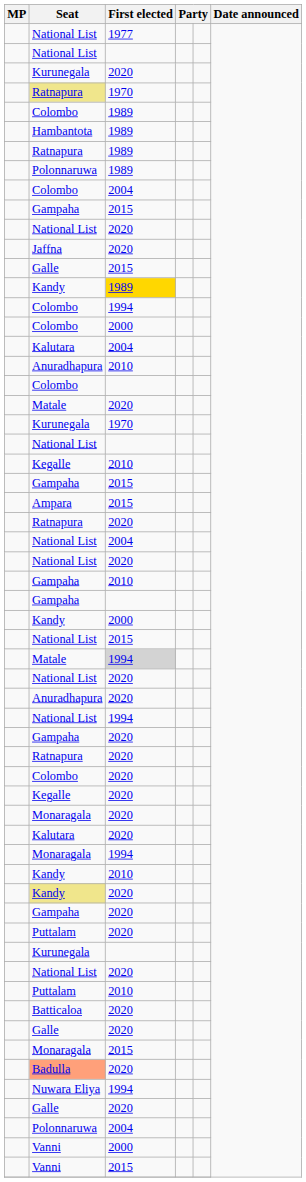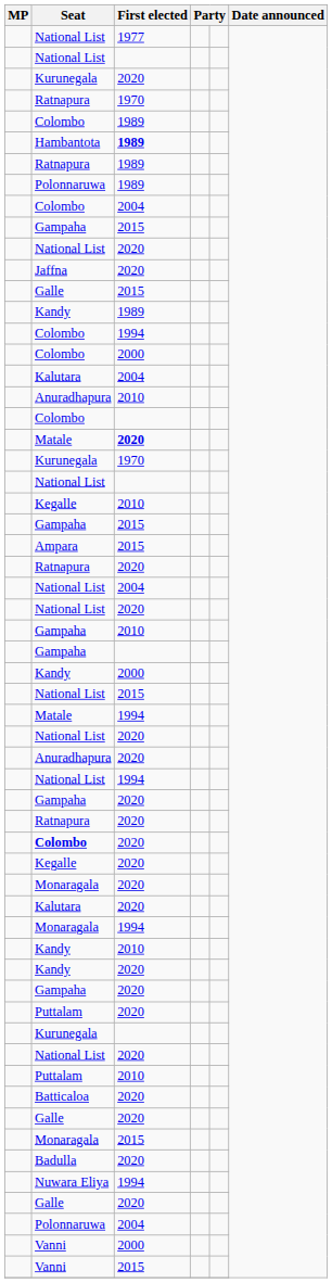 <table class="wikitable sortable collapsible collapsed" style="font-size:100%; text=center;">
 <tr>
 <th scope="col">MP</th>
 <th scope="col">Seat</th>
 <th scope="col">First elected</th>
 <th scope="col" colspan="2">Party</th>
 <th scope="col">Date announced</th>
 </tr>
 <tr>
 <td></td>
 <td><a href='#'>National List</a></td>
 <td><a href='#'>1977</a></td>
 <td></td>
 <td></td>
 </tr>
 <tr>
 <td></td>
 <td><a href='#'>National List</a></td>
 <td></td>
 <td></td>
 <td></td>
 </tr>
 <tr>
 <td></td>
 <td><a href='#'>Kurunegala</a></td>
 <td><a href='#'>2020</a></td>
 <td></td>
 <td></td>
 </tr>
 <tr>
 <td></td>
-<td style="background: khaki;"><a href='#'>Ratnapura</a></td>
+<td><a href='#'>Ratnapura</a></td>
 <td><a href='#'>1970</a></td>
 <td></td>
 <td></td>
 </tr>
 <tr>
 <td></td>
 <td><a href='#'>Colombo</a></td>
 <td><a href='#'>1989</a></td>
 <td></td>
 <td></td>
 </tr>
 <tr>
 <td></td>
 <td><a href='#'>Hambantota</a></td>
-<td><a href='#'>1989</a></td>
+<td><strong><a href='#'>1989</a></strong></td>
 <td></td>
 <td></td>
 </tr>
 <tr>
 <td></td>
 <td><a href='#'>Ratnapura</a></td>
 <td><a href='#'>1989</a></td>
 <td></td>
 <td></td>
 </tr>
 <tr>
 <td></td>
 <td><a href='#'>Polonnaruwa</a></td>
 <td><a href='#'>1989</a></td>
 <td></td>
 <td></td>
 </tr>
 <tr>
 <td></td>
 <td><a href='#'>Colombo</a></td>
 <td><a href='#'>2004</a></td>
 <td></td>
 <td></td>
 </tr>
 <tr>
 <td></td>
 <td><a href='#'>Gampaha</a></td>
 <td><a href='#'>2015</a></td>
 <td></td>
 <td></td>
 </tr>
 <tr>
 <td></td>
 <td><a href='#'>National List</a></td>
 <td><a href='#'>2020</a></td>
 <td></td>
 <td></td>
 </tr>
 <tr>
 <td></td>
 <td><a href='#'>Jaffna</a></td>
 <td><a href='#'>2020</a></td>
 <td></td>
 <td></td>
 </tr>
 <tr>
 <td></td>
 <td><a href='#'>Galle</a></td>
 <td><a href='#'>2015</a></td>
 <td></td>
 <td></td>
 </tr>
 <tr>
 <td></td>
 <td><a href='#'>Kandy</a></td>
-<td style="background: gold;"><a href='#'>1989</a></td>
+<td><a href='#'>1989</a></td>
 <td></td>
 <td></td>
 </tr>
 <tr>
 <td></td>
 <td><a href='#'>Colombo</a></td>
 <td><a href='#'>1994</a></td>
 <td></td>
 <td></td>
 </tr>
 <tr>
 <td></td>
 <td><a href='#'>Colombo</a></td>
 <td><a href='#'>2000</a></td>
 <td></td>
 <td></td>
 </tr>
 <tr>
 <td></td>
 <td><a href='#'>Kalutara</a></td>
 <td><a href='#'>2004</a></td>
 <td></td>
 <td></td>
 </tr>
 <tr>
 <td></td>
 <td><a href='#'>Anuradhapura</a></td>
 <td><a href='#'>2010</a></td>
 <td></td>
 <td></td>
 </tr>
 <tr>
 <td></td>
 <td><a href='#'>Colombo</a></td>
 <td></td>
 <td></td>
 <td></td>
 </tr>
 <tr>
 <td></td>
 <td><a href='#'>Matale</a></td>
-<td><a href='#'>2020</a></td>
+<td><strong><a href='#'>2020</a></strong></td>
 <td></td>
 <td></td>
 </tr>
 <tr>
 <td></td>
 <td><a href='#'>Kurunegala</a></td>
 <td><a href='#'>1970</a></td>
 <td></td>
 <td></td>
 </tr>
 <tr>
 <td></td>
 <td><a href='#'>National List</a></td>
 <td></td>
 <td></td>
 <td></td>
 </tr>
 <tr>
 <td></td>
 <td><a href='#'>Kegalle</a></td>
 <td><a href='#'>2010</a></td>
 <td></td>
 <td></td>
 </tr>
 <tr>
 <td></td>
 <td><a href='#'>Gampaha</a></td>
 <td><a href='#'>2015</a></td>
 <td></td>
 <td></td>
 </tr>
 <tr>
 <td></td>
 <td><a href='#'>Ampara</a></td>
 <td><a href='#'>2015</a></td>
 <td></td>
 <td></td>
 </tr>
 <tr>
 <td></td>
 <td><a href='#'>Ratnapura</a></td>
 <td><a href='#'>2020</a></td>
 <td></td>
 <td></td>
 </tr>
 <tr>
 <td></td>
 <td><a href='#'>National List</a></td>
 <td><a href='#'>2004</a></td>
 <td></td>
 <td></td>
 </tr>
 <tr>
 <td></td>
 <td><a href='#'>National List</a></td>
 <td><a href='#'>2020</a></td>
 <td></td>
 <td></td>
 </tr>
 <tr>
 <td></td>
 <td><a href='#'>Gampaha</a></td>
 <td><a href='#'>2010</a></td>
 <td></td>
 <td></td>
 </tr>
 <tr>
 <td></td>
 <td><a href='#'>Gampaha</a></td>
 <td></td>
 <td></td>
 <td></td>
 </tr>
 <tr>
 <td></td>
 <td><a href='#'>Kandy</a></td>
 <td><a href='#'>2000</a></td>
 <td></td>
 <td></td>
 </tr>
 <tr>
 <td></td>
 <td><a href='#'>National List</a></td>
 <td><a href='#'>2015</a></td>
 <td></td>
 <td></td>
 </tr>
 <tr>
 <td></td>
 <td><a href='#'>Matale</a></td>
-<td style="background: lightgrey;"><a href='#'>1994</a></td>
+<td><a href='#'>1994</a></td>
 <td></td>
 <td></td>
 </tr>
 <tr>
 <td></td>
 <td><a href='#'>National List</a></td>
 <td><a href='#'>2020</a></td>
 <td></td>
 <td></td>
 </tr>
 <tr>
 <td></td>
 <td><a href='#'>Anuradhapura</a></td>
 <td><a href='#'>2020</a></td>
 <td></td>
 <td></td>
 </tr>
 <tr>
 <td></td>
 <td><a href='#'>National List</a></td>
 <td><a href='#'>1994</a></td>
 <td></td>
 <td></td>
 </tr>
 <tr>
 <td></td>
 <td><a href='#'>Gampaha</a></td>
 <td><a href='#'>2020</a></td>
 <td></td>
 <td></td>
 </tr>
 <tr>
 <td></td>
 <td><a href='#'>Ratnapura</a></td>
 <td><a href='#'>2020</a></td>
 <td></td>
 <td></td>
 </tr>
 <tr>
 <td></td>
-<td><a href='#'>Colombo</a></td>
+<td><strong><a href='#'>Colombo</a></strong></td>
 <td><a href='#'>2020</a></td>
 <td></td>
 <td></td>
 </tr>
 <tr>
 <td></td>
 <td><a href='#'>Kegalle</a></td>
 <td><a href='#'>2020</a></td>
 <td></td>
 <td></td>
 </tr>
 <tr>
 <td></td>
 <td><a href='#'>Monaragala</a></td>
 <td><a href='#'>2020</a></td>
 <td></td>
 <td></td>
 </tr>
 <tr>
 <td></td>
 <td><a href='#'>Kalutara</a></td>
 <td><a href='#'>2020</a></td>
 <td></td>
 <td></td>
 </tr>
 <tr>
 <td></td>
 <td><a href='#'>Monaragala</a></td>
 <td><a href='#'>1994</a></td>
 <td></td>
 <td></td>
 </tr>
 <tr>
 <td></td>
 <td><a href='#'>Kandy</a></td>
 <td><a href='#'>2010</a></td>
 <td></td>
 <td></td>
 </tr>
 <tr>
 <td></td>
-<td style="background: khaki;"><a href='#'>Kandy</a></td>
+<td><a href='#'>Kandy</a></td>
 <td><a href='#'>2020</a></td>
 <td></td>
 <td></td>
 </tr>
 <tr>
 <td></td>
 <td><a href='#'>Gampaha</a></td>
 <td><a href='#'>2020</a></td>
 <td></td>
 <td></td>
 </tr>
 <tr>
 <td></td>
 <td><a href='#'>Puttalam</a></td>
 <td><a href='#'>2020</a></td>
 <td></td>
 <td></td>
 </tr>
 <tr>
 <td></td>
 <td><a href='#'>Kurunegala</a></td>
 <td></td>
 <td></td>
 <td></td>
 </tr>
 <tr>
 <td></td>
 <td><a href='#'>National List</a></td>
 <td><a href='#'>2020</a></td>
 <td></td>
 <td></td>
 </tr>
 <tr>
 <td></td>
 <td><a href='#'>Puttalam</a></td>
 <td><a href='#'>2010</a></td>
 <td></td>
 <td></td>
 </tr>
 <tr>
 <td></td>
 <td><a href='#'>Batticaloa</a></td>
 <td><a href='#'>2020</a></td>
 <td></td>
 <td></td>
 </tr>
 <tr>
 <td></td>
 <td><a href='#'>Galle</a></td>
 <td><a href='#'>2020</a></td>
 <td></td>
 <td></td>
 </tr>
 <tr>
 <td></td>
 <td><a href='#'>Monaragala</a></td>
 <td><a href='#'>2015</a></td>
 <td></td>
 <td></td>
 </tr>
 <tr>
 <td></td>
-<td style="background: lightsalmon;"><a href='#'>Badulla</a></td>
+<td><a href='#'>Badulla</a></td>
 <td><a href='#'>2020</a></td>
 <td></td>
 <td></td>
 </tr>
 <tr>
 <td></td>
 <td><a href='#'>Nuwara Eliya</a></td>
 <td><a href='#'>1994</a></td>
 <td></td>
 <td></td>
 </tr>
 <tr>
 <td></td>
 <td><a href='#'>Galle</a></td>
 <td><a href='#'>2020</a></td>
 <td></td>
 <td></td>
 </tr>
 <tr>
 <td></td>
 <td><a href='#'>Polonnaruwa</a></td>
 <td><a href='#'>2004</a></td>
 <td></td>
 <td></td>
 </tr>
 <tr>
 <td></td>
 <td><a href='#'>Vanni</a></td>
 <td><a href='#'>2000</a></td>
 <td></td>
 <td></td>
 </tr>
 <tr>
 <td></td>
 <td><a href='#'>Vanni</a></td>
 <td><a href='#'>2015</a></td>
 <td></td>
 <td></td>
 </tr>
 <tr>
 </tr>
 </table>
